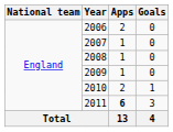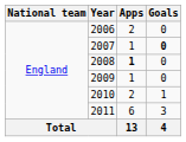 <table class=wikitable style=text-align:center>
 <tr>
 <th>National team</th>
 <th>Year</th>
 <th>Apps</th>
 <th>Goals</th>
 </tr>
 <tr>
 <td rowspan=6><a href='#'>England</a></td>
 <td>2006</td>
 <td>2</td>
 <td>0</td>
 </tr>
 <tr>
 <td>2007</td>
 <td>1</td>
-<td>0</td>
+<td><strong>0</strong></td>
 </tr>
 <tr>
 <td>2008</td>
-<td>1</td>
+<td><strong>1</strong></td>
 <td>0</td>
 </tr>
 <tr>
 <td>2009</td>
 <td>1</td>
 <td>0</td>
 </tr>
 <tr>
 <td>2010</td>
 <td>2</td>
 <td>1</td>
 </tr>
 <tr>
 <td>2011</td>
-<td><strong>6</strong></td>
+<td>6</td>
 <td>3</td>
 </tr>
 <tr>
 <th colspan=2>Total</th>
 <th>13</th>
 <th>4</th>
 </tr>
 </table>
